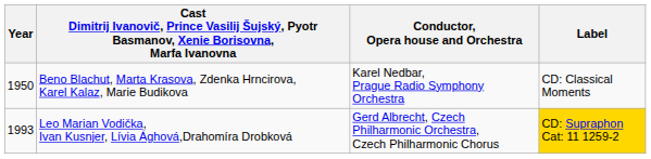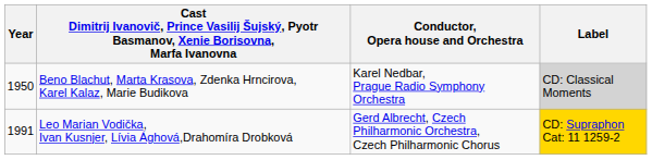 <table class="wikitable">
 <tr>
 <th>Year</th>
 <th>Cast<br><a href='#'>Dimitrij Ivanovič</a>, <a href='#'>Prince Vasilij Šujský</a>, Pyotr Basmanov, <a href='#'>Xenie Borisovna</a>,<br>Marfa Ivanovna</th>
 <th>Conductor,<br>Opera house and Orchestra</th>
 <th>Label</th>
 </tr>
 <tr>
 <td>1950</td>
 <td><a href='#'>Beno Blachut</a>, <a href='#'>Marta Krasova</a>, Zdenka Hrncirova,<br><a href='#'>Karel Kalaz</a>, Marie Budikova</td>
 <td>Karel Nedbar,<br><a href='#'>Prague Radio Symphony Orchestra</a></td>
-<td>CD: Classical Moments</td>
+<td style="background: lightgrey;">CD: Classical Moments</td>
 </tr>
 <tr>
-<td>1993</td>
+<td>1991</td>
 <td><a href='#'>Leo Marian Vodička</a>,<br><a href='#'>Ivan Kusnjer</a>, <a href='#'>Lívia Ághová</a>,Drahomíra Drobková</td>
 <td><a href='#'>Gerd Albrecht</a>, <a href='#'>Czech Philharmonic Orchestra</a>,<br>Czech Philharmonic Chorus</td>
 <td style="background: gold;">CD: <a href='#'>Supraphon</a><br>Cat: 11 1259-2</td>
 </tr>
 </table>
